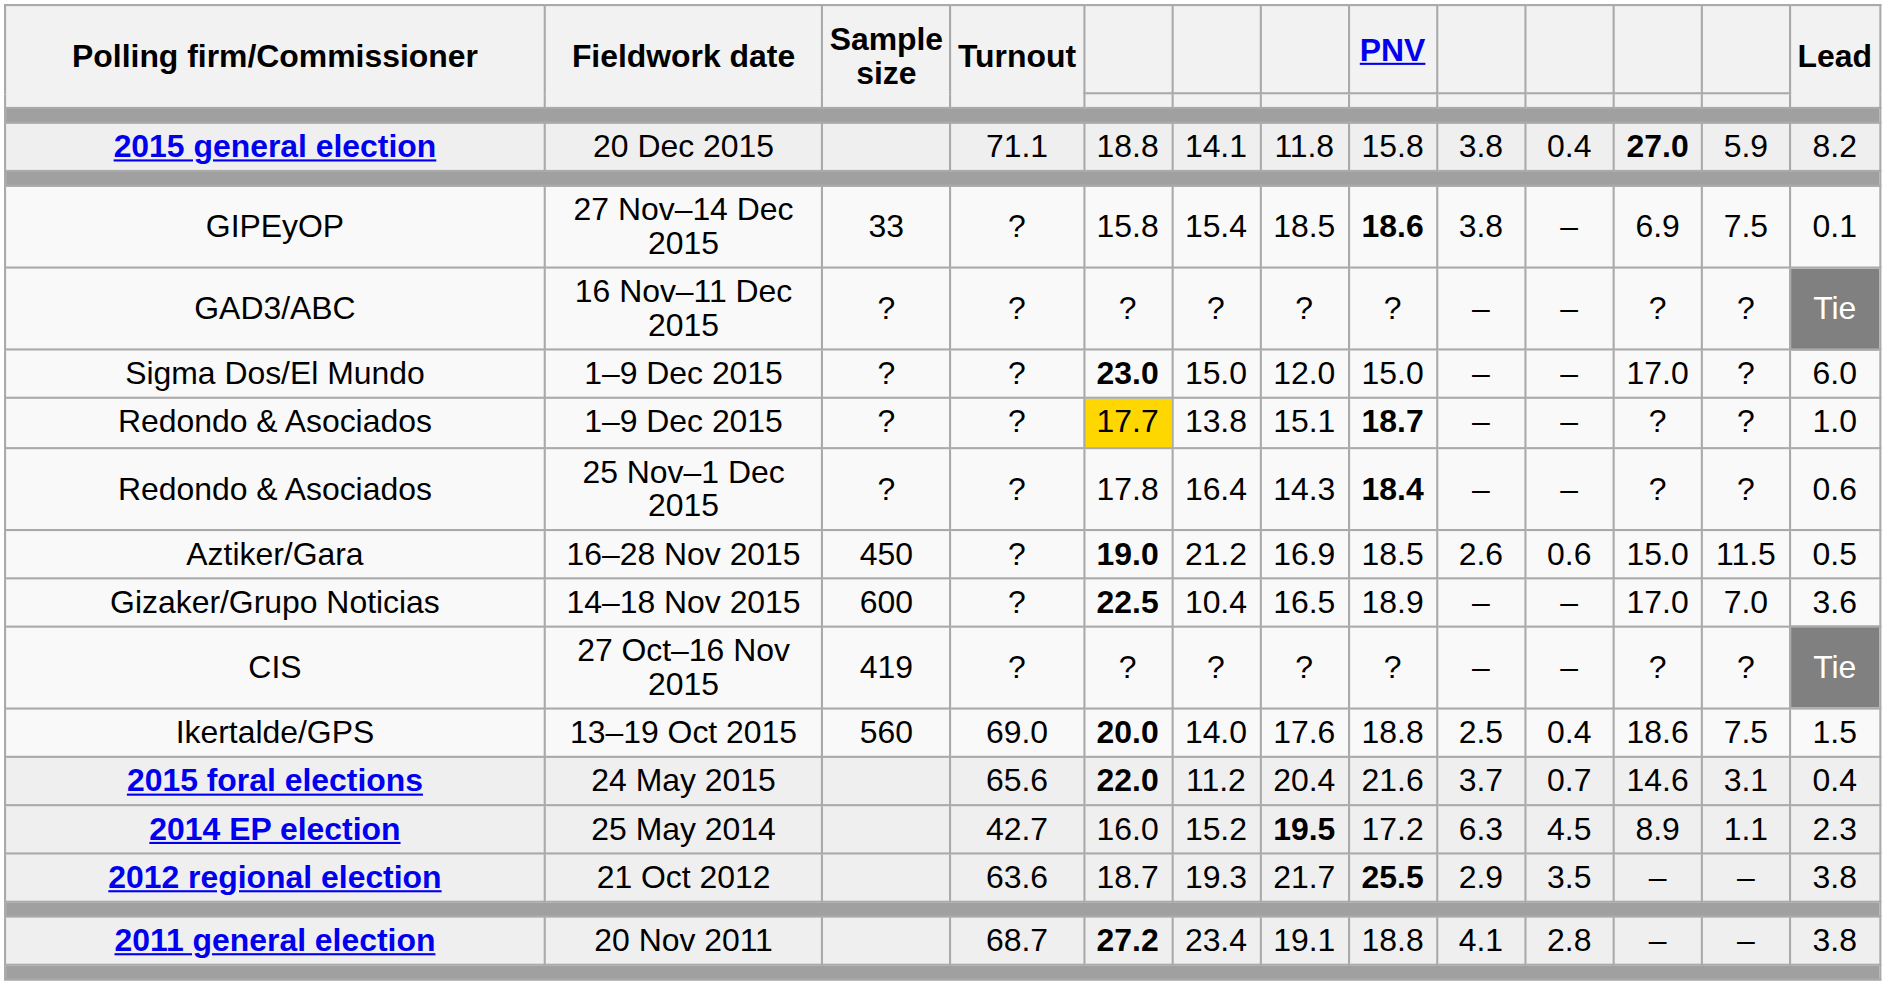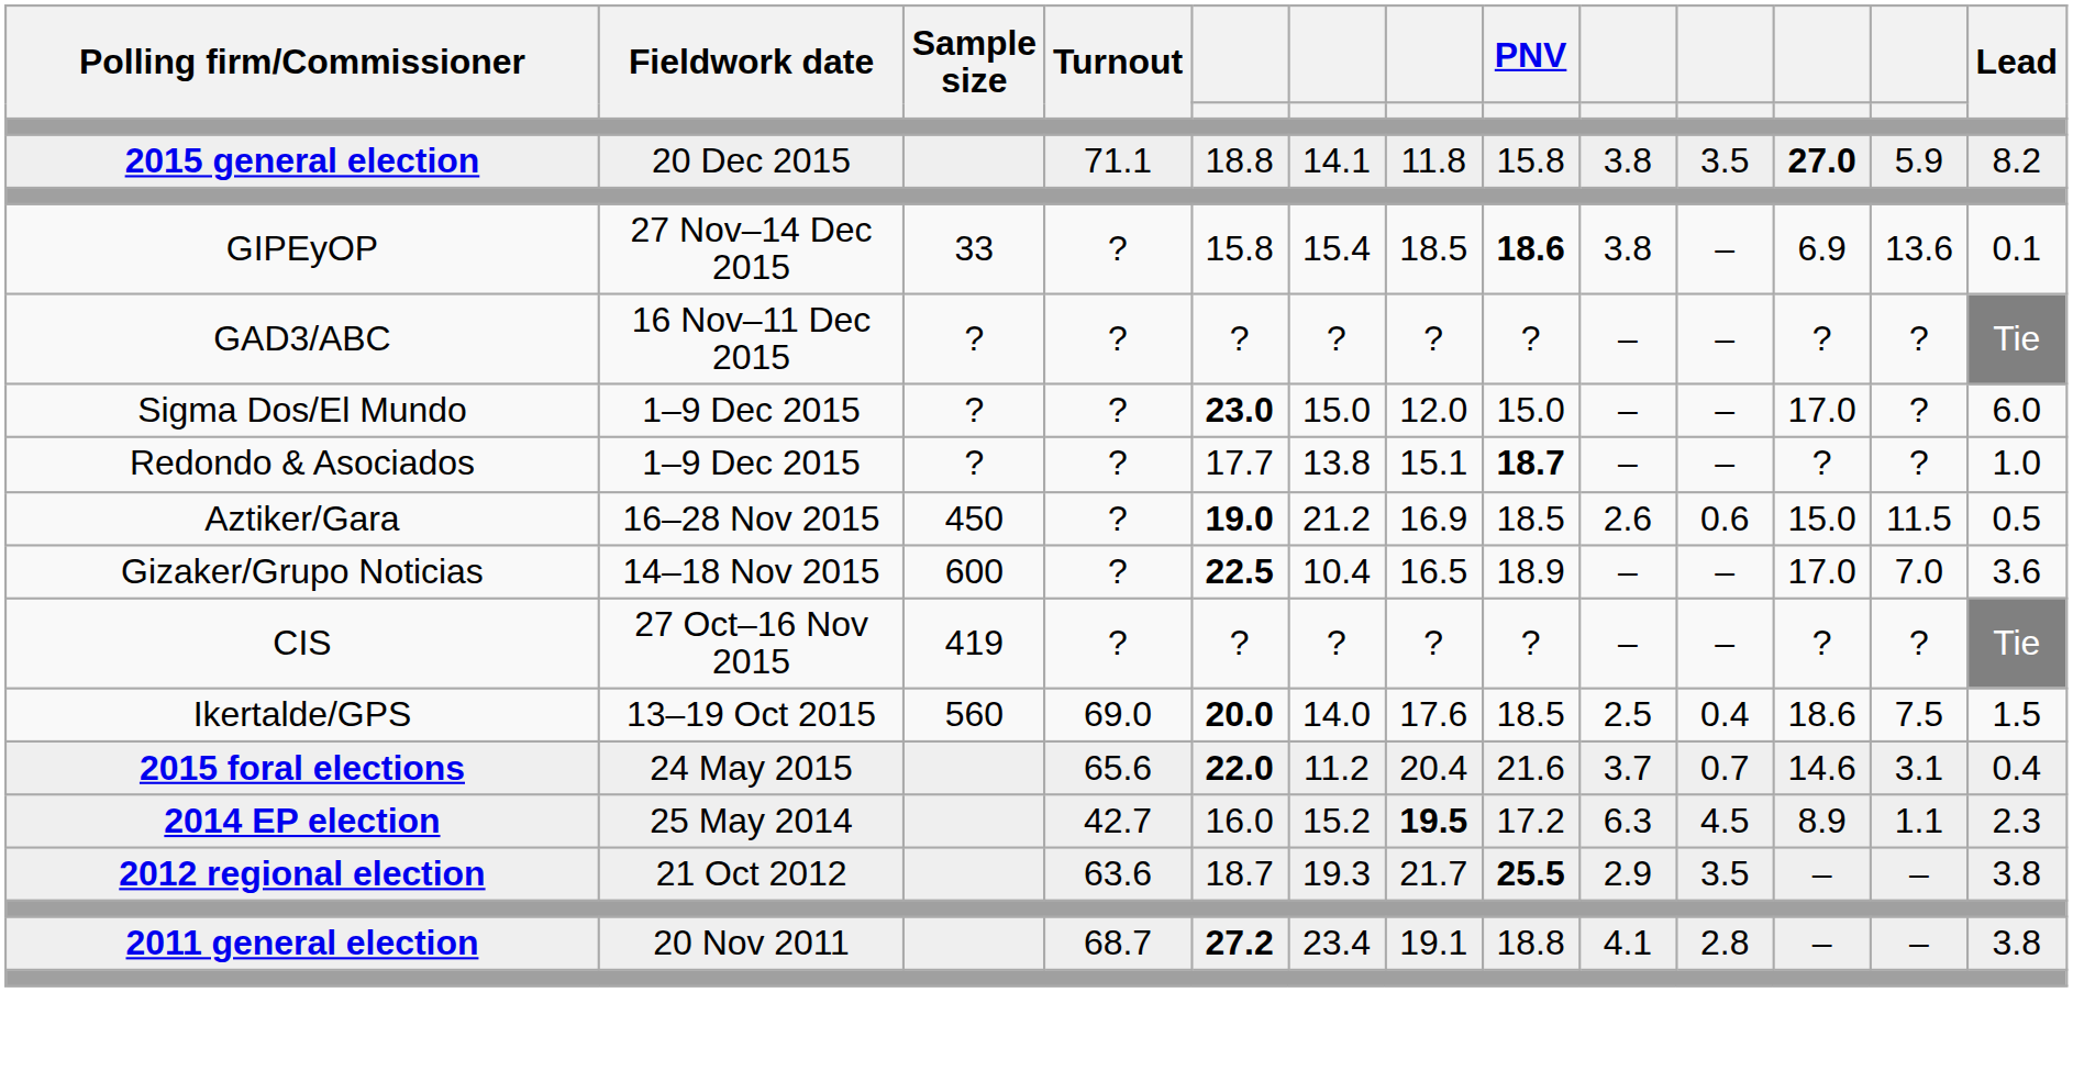 <table class="wikitable collapsible collapsed" style="text-align:center; font-size:95%; line-height:16px;">
 <tr style="height:42px; background-color:#E9E9E9">
 <th style="width:250px;" rowspan="2">Polling firm/Commissioner</th>
 <th style="width:125px;" rowspan="2">Fieldwork date</th>
 <th style="width:50px;" rowspan="2">Sample size</th>
 <th style="width:45px;" rowspan="2">Turnout</th>
 <th style="width:35px;"></th>
 <th style="width:35px;"></th>
 <th style="width:35px;"><br></th>
 <th style="width:35px;"><a href='#'>PNV</a></th>
 <th style="width:35px;"></th>
 <th style="width:35px;"></th>
 <th style="width:35px;"></th>
 <th style="width:35px;"></th>
 <th style="width:30px;" rowspan="2">Lead</th>
 </tr>
 <tr>
 <th style="color:inherit;background:"></th>
 <th style="color:inherit;background:"></th>
 <th style="color:inherit;background:"></th>
 <th style="color:inherit;background:"></th>
 <th style="color:inherit;background:"></th>
 <th style="color:inherit;background:"></th>
 <th style="color:inherit;background:"></th>
 <th style="color:inherit;background:"></th>
 </tr>
 <tr>
 <td colspan="13" style="background:#A0A0A0"></td>
 </tr>
 <tr style="background:#EFEFEF;">
 <td><strong><a href='#'>2015 general election</a></strong></td>
 <td>20 Dec 2015</td>
 <td></td>
 <td>71.1</td>
 <td>18.8<br></td>
 <td>14.1<br></td>
 <td>11.8<br></td>
 <td>15.8<br></td>
 <td>3.8<br></td>
-<td>0.4<br></td>
+<td>3.5<br></td>
 <td><strong>27.0</strong><br></td>
 <td>5.9<br></td>
 <td style="background:">8.2</td>
 </tr>
 <tr>
 <td colspan="13" style="background:#A0A0A0"></td>
 </tr>
 <tr>
 <td>GIPEyOP</td>
 <td>27 Nov–14 Dec 2015</td>
 <td>33</td>
 <td>?</td>
 <td>15.8<br></td>
 <td>15.4<br></td>
 <td>18.5<br></td>
 <td><strong>18.6</strong><br></td>
 <td>3.8<br></td>
 <td>–</td>
 <td>6.9<br></td>
-<td>7.5<br></td>
+<td>13.6<br></td>
 <td style="background:">0.1</td>
 </tr>
 <tr>
 <td>GAD3/ABC</td>
 <td>16 Nov–11 Dec 2015</td>
 <td>?</td>
 <td>?</td>
 <td>?<br></td>
 <td>?<br></td>
 <td>?<br></td>
 <td>?<br></td>
 <td>–</td>
 <td>–</td>
 <td>?<br></td>
 <td>?<br></td>
 <td style="background:gray;color:white;">Tie</td>
 </tr>
 <tr>
 <td>Sigma Dos/El Mundo</td>
 <td>1–9 Dec 2015</td>
 <td>?</td>
 <td>?</td>
 <td><strong>23.0</strong><br></td>
 <td>15.0<br></td>
 <td>12.0<br></td>
 <td>15.0<br></td>
 <td>–</td>
 <td>–</td>
 <td>17.0<br></td>
 <td>?<br></td>
 <td style="background:">6.0</td>
 </tr>
 <tr>
 <td>Redondo & Asociados</td>
 <td>1–9 Dec 2015</td>
 <td>?</td>
 <td>?</td>
-<td style="background: gold;">17.7<br></td>
+<td>17.7<br></td>
 <td>13.8<br></td>
 <td>15.1<br></td>
 <td><strong>18.7</strong><br></td>
 <td>–</td>
 <td>–</td>
 <td>?<br></td>
 <td>?<br></td>
 <td style="background:">1.0</td>
-</tr>
-<tr>
-<td>Redondo & Asociados</td>
-<td>25 Nov–1 Dec 2015</td>
-<td>?</td>
-<td>?</td>
-<td>17.8<br></td>
-<td>16.4<br></td>
-<td>14.3<br></td>
-<td><strong>18.4</strong><br></td>
-<td>–</td>
-<td>–</td>
-<td>?<br></td>
-<td>?<br></td>
-<td style="background:">0.6</td>
 </tr>
 <tr>
 <td>Aztiker/Gara</td>
 <td>16–28 Nov 2015</td>
 <td>450</td>
 <td>?</td>
 <td><strong>19.0</strong><br></td>
 <td>21.2<br></td>
 <td>16.9<br></td>
 <td>18.5<br></td>
 <td>2.6<br></td>
 <td>0.6<br></td>
 <td>15.0<br></td>
 <td>11.5<br></td>
 <td style="background:">0.5</td>
 </tr>
 <tr>
 <td>Gizaker/Grupo Noticias</td>
 <td>14–18 Nov 2015</td>
 <td>600</td>
 <td>?</td>
 <td><strong>22.5</strong><br></td>
 <td>10.4<br></td>
 <td>16.5<br></td>
 <td>18.9<br></td>
 <td>–</td>
 <td>–</td>
 <td>17.0<br></td>
 <td>7.0<br></td>
 <td style="background:">3.6</td>
 </tr>
 <tr>
 <td>CIS</td>
 <td>27 Oct–16 Nov 2015</td>
 <td>419</td>
 <td>?</td>
 <td>?<br></td>
 <td>?<br></td>
 <td>?<br></td>
 <td>?<br></td>
 <td>–</td>
 <td>–</td>
 <td>?<br></td>
 <td>?<br></td>
 <td style="background:gray;color:white;">Tie</td>
 </tr>
 <tr>
 <td>Ikertalde/GPS</td>
 <td>13–19 Oct 2015</td>
 <td>560</td>
 <td>69.0</td>
 <td><strong>20.0</strong><br></td>
 <td>14.0<br></td>
 <td>17.6<br></td>
-<td>18.8<br></td>
+<td>18.5<br></td>
 <td>2.5<br></td>
 <td>0.4<br></td>
 <td>18.6<br></td>
 <td>7.5<br></td>
 <td style="background:">1.5</td>
 </tr>
 <tr style="background:#EFEFEF;">
 <td><strong><a href='#'>2015 foral elections</a></strong></td>
 <td>24 May 2015</td>
 <td></td>
 <td>65.6</td>
 <td><strong>22.0</strong><br></td>
 <td>11.2<br></td>
 <td>20.4<br></td>
 <td>21.6<br></td>
 <td>3.7<br></td>
 <td>0.7<br></td>
 <td>14.6<br></td>
 <td>3.1<br></td>
 <td style="background:">0.4</td>
 </tr>
 <tr style="background:#EFEFEF;">
 <td><strong><a href='#'>2014 EP election</a></strong></td>
 <td>25 May 2014</td>
 <td></td>
 <td>42.7</td>
 <td>16.0<br></td>
 <td>15.2<br></td>
 <td><strong>19.5</strong><br></td>
 <td>17.2<br></td>
 <td>6.3<br></td>
 <td>4.5<br></td>
 <td>8.9<br></td>
 <td>1.1<br></td>
 <td style="background:">2.3</td>
 </tr>
 <tr style="background:#EFEFEF;">
 <td><strong><a href='#'>2012 regional election</a></strong></td>
 <td>21 Oct 2012</td>
 <td></td>
 <td>63.6</td>
 <td>18.7<br></td>
 <td>19.3<br></td>
 <td>21.7<br></td>
 <td><strong>25.5</strong><br></td>
 <td>2.9<br></td>
 <td>3.5<br></td>
 <td>–</td>
 <td>–</td>
 <td style="background:">3.8</td>
 </tr>
 <tr>
 <td colspan="13" style="background:#A0A0A0"></td>
 </tr>
 <tr style="background:#EFEFEF;">
 <td><strong><a href='#'>2011 general election</a></strong></td>
 <td>20 Nov 2011</td>
 <td></td>
 <td>68.7</td>
 <td><strong>27.2</strong><br></td>
 <td>23.4<br></td>
 <td>19.1<br></td>
 <td>18.8<br></td>
 <td>4.1<br></td>
 <td>2.8<br></td>
 <td>–</td>
 <td>–</td>
 <td style="background:">3.8</td>
 </tr>
 <tr>
 <td colspan="13" style="background:#A0A0A0"></td>
 </tr>
 </table>
